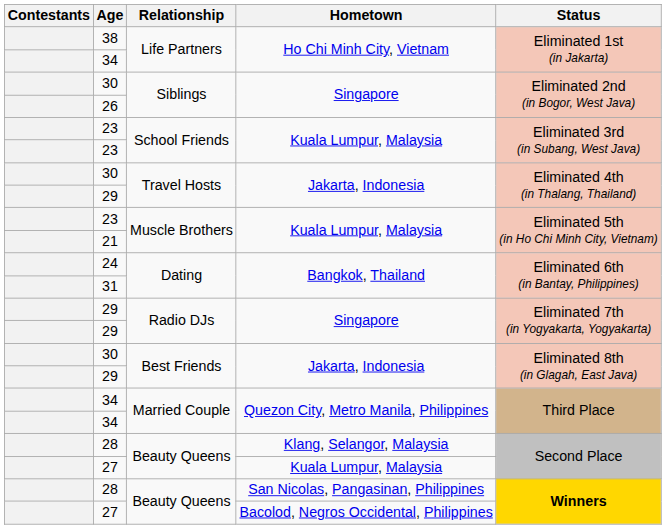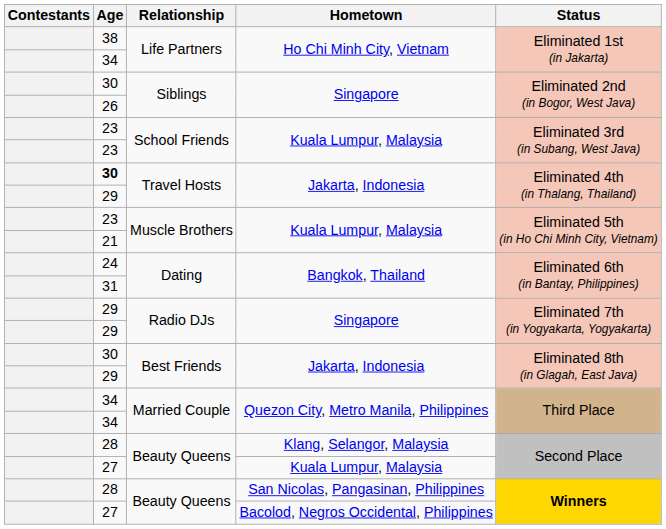 <table class="wikitable sortable" style="text-align:center;">
 <tr>
 <th scope="col">Contestants</th>
 <th scope="col">Age</th>
 <th class="unsortable" scope="col">Relationship</th>
 <th scope="col" class="unsortable">Hometown</th>
 <th scope="col">Status</th>
 </tr>
 <tr>
 <th scope="row"></th>
 <td>38</td>
 <td rowspan="2">Life Partners</td>
 <td rowspan="2"><a href='#'>Ho Chi Minh City</a>, <a href='#'>Vietnam</a></td>
 <td rowspan="2" bgcolor="f4c7b8">Eliminated 1st<br><small><em>(in Jakarta)</em></small></td>
 </tr>
 <tr>
 <th scope="row"></th>
 <td>34</td>
 </tr>
 <tr>
 <th scope="row"></th>
 <td>30</td>
 <td rowspan="2">Siblings</td>
 <td rowspan="2"><a href='#'>Singapore</a></td>
 <td rowspan="2" bgcolor="f4c7b8">Eliminated 2nd<br><small><em>(in Bogor, West Java)</em></small></td>
 </tr>
 <tr>
 <th scope="row"></th>
 <td>26</td>
 </tr>
 <tr>
 <th scope="row"></th>
 <td>23</td>
 <td rowspan="2">School Friends</td>
 <td rowspan="2"><a href='#'>Kuala Lumpur</a>, <a href='#'>Malaysia</a></td>
 <td rowspan="2" bgcolor="f4c7b8">Eliminated 3rd<br><small><em>(in Subang, West Java)</em></small></td>
 </tr>
 <tr>
 <th scope="row"></th>
 <td>23</td>
 </tr>
 <tr>
 <th scope="row"></th>
-<td>30</td>
+<td><strong>30</strong></td>
 <td rowspan="2">Travel Hosts</td>
 <td rowspan="2"><a href='#'>Jakarta</a>, <a href='#'>Indonesia</a></td>
 <td rowspan="2" bgcolor="f4c7b8">Eliminated 4th<br><small><em>(in Thalang, Thailand)</em></small></td>
 </tr>
 <tr>
 <th scope="row"></th>
 <td>29</td>
 </tr>
 <tr>
 <th scope="row"></th>
 <td>23</td>
 <td rowspan="2">Muscle Brothers</td>
 <td rowspan="2"><a href='#'>Kuala Lumpur</a>, <a href='#'>Malaysia</a></td>
 <td rowspan="2" bgcolor="f4c7b8">Eliminated 5th<br><small><em>(in Ho Chi Minh City, Vietnam)</em></small></td>
 </tr>
 <tr>
 <th scope="row"></th>
 <td>21</td>
 </tr>
 <tr>
 <th scope="row"></th>
 <td>24</td>
 <td rowspan="2">Dating</td>
 <td rowspan="2"><a href='#'>Bangkok</a>, <a href='#'>Thailand</a></td>
 <td rowspan="2" bgcolor="f4c7b8">Eliminated 6th<br><small><em>(in Bantay, Philippines)</em></small></td>
 </tr>
 <tr>
 <th scope="row"></th>
 <td>31</td>
 </tr>
 <tr>
 <th scope="row"></th>
 <td>29</td>
 <td rowspan="2">Radio DJs</td>
 <td rowspan="2"><a href='#'>Singapore</a></td>
 <td rowspan="2" bgcolor="f4c7b8">Eliminated 7th<br><small><em>(in Yogyakarta, Yogyakarta)</em></small></td>
 </tr>
 <tr>
 <th scope="row"></th>
 <td>29</td>
 </tr>
 <tr>
 <th scope="row"></th>
 <td>30</td>
 <td rowspan="2">Best Friends</td>
 <td rowspan="2"><a href='#'>Jakarta</a>, <a href='#'>Indonesia</a></td>
 <td rowspan="2" bgcolor="f4c7b8">Eliminated 8th<br><small><em>(in Glagah, East Java)</em></small></td>
 </tr>
 <tr>
 <th scope="row"></th>
 <td>29</td>
 </tr>
 <tr>
 <th scope="row"></th>
 <td>34</td>
 <td rowspan="2">Married Couple</td>
 <td rowspan="2"><a href='#'>Quezon City</a>, <a href='#'>Metro Manila</a>, <a href='#'>Philippines</a></td>
 <td rowspan="2" bgcolor="tan">Third Place</td>
 </tr>
 <tr>
 <th scope="row"></th>
 <td>34</td>
 </tr>
 <tr>
 <th scope="row"></th>
 <td>28</td>
 <td rowspan="2">Beauty Queens</td>
 <td><a href='#'>Klang</a>, <a href='#'>Selangor</a>, <a href='#'>Malaysia</a></td>
 <td rowspan="2" bgcolor="silver">Second Place</td>
 </tr>
 <tr>
 <th scope="row"></th>
 <td>27</td>
 <td><a href='#'>Kuala Lumpur</a>, <a href='#'>Malaysia</a></td>
 </tr>
 <tr>
 <th scope="row"></th>
 <td>28</td>
 <td rowspan="2">Beauty Queens</td>
 <td><a href='#'>San Nicolas</a>, <a href='#'>Pangasinan</a>, <a href='#'>Philippines</a></td>
 <td rowspan="2" bgcolor="gold"><strong>Winners</strong></td>
 </tr>
 <tr>
 <th scope="row"></th>
 <td>27</td>
 <td><a href='#'>Bacolod</a>, <a href='#'>Negros Occidental</a>, <a href='#'>Philippines</a></td>
 </tr>
 </table>
